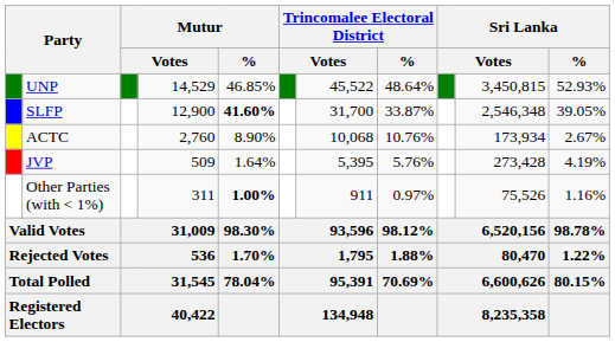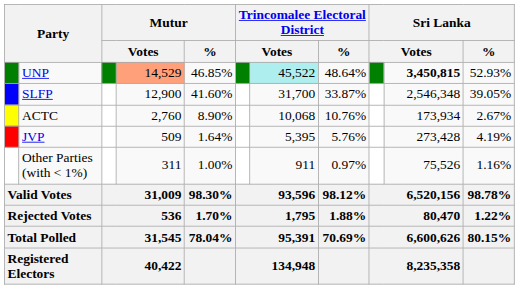 <table class="wikitable">
 <tr>
 <th colspan="2" width="144px"rowspan="2">Party</th>
 <th colspan="3" width="216px">Mutur</th>
 <th colspan="3" width="216px"><a href='#'>Trincomalee Electoral District</a></th>
 <th colspan="3" width="216px">Sri Lanka</th>
 </tr>
 <tr>
 <th colspan="2" width="144px">Votes</th>
 <th>%</th>
 <th colspan="2" width="144px">Votes</th>
 <th>%</th>
 <th colspan="2" width="144px">Votes</th>
 <th>%</th>
 </tr>
 <tr>
 <td style="background-color:green;" width="10px"></td>
 <td style="text-align:left;"><a href='#'>UNP</a></td>
 <td style="background-color:green;" width="10px"></td>
-<td style="text-align:right;">14,529</td>
+<td style="background: lightsalmon; text-align:right;">14,529</td>
 <td style="text-align:right;">46.85%</td>
 <td style="background-color:green;" width="10px"></td>
-<td style="text-align:right;">45,522</td>
+<td style="background: paleturquoise; text-align:right;">45,522</td>
 <td style="text-align:right;">48.64%</td>
 <td style="background-color:green;" width="10px"></td>
-<td style="text-align:right;">3,450,815</td>
+<td style="text-align:right;"><strong>3,450,815</strong></td>
 <td style="text-align:right;">52.93%</td>
 </tr>
 <tr>
 <td style="background-color:blue;" width="10px"></td>
 <td style="text-align:left;"><a href='#'>SLFP</a></td>
 <td style="background-color:white;" width="10px"></td>
 <td style="text-align:right;">12,900</td>
-<td style="text-align:right;"><strong>41.60%</strong></td>
+<td style="text-align:right;">41.60%</td>
 <td style="background-color:white;" width="10px"></td>
 <td style="text-align:right;">31,700</td>
 <td style="text-align:right;">33.87%</td>
 <td style="background-color:white;" width="10px"></td>
 <td style="text-align:right;">2,546,348</td>
 <td style="text-align:right;">39.05%</td>
 </tr>
 <tr>
 <td style="background-color:yellow;" width="10px"></td>
 <td style="text-align:left;">ACTC</td>
 <td style="background-color:white;" width="10px"></td>
 <td style="text-align:right;">2,760</td>
 <td style="text-align:right;">8.90%</td>
 <td style="background-color:white;" width="10px"></td>
 <td style="text-align:right;">10,068</td>
 <td style="text-align:right;">10.76%</td>
 <td style="background-color:white;" width="10px"></td>
 <td style="text-align:right;">173,934</td>
 <td style="text-align:right;">2.67%</td>
 </tr>
 <tr>
 <td style="background-color:red;" width="10px"></td>
 <td style="text-align:left;"><a href='#'>JVP</a></td>
 <td style="background-color:white;" width="10px"></td>
 <td style="text-align:right;">509</td>
 <td style="text-align:right;">1.64%</td>
 <td style="background-color:white;" width="10px"></td>
 <td style="text-align:right;">5,395</td>
 <td style="text-align:right;">5.76%</td>
 <td style="background-color:white;" width="10px"></td>
 <td style="text-align:right;">273,428</td>
 <td style="text-align:right;">4.19%</td>
 </tr>
 <tr>
 <td style="background-color:white;" width="10px"></td>
 <td style="text-align:left;">Other Parties (with < 1%)</td>
 <td style="background-color:white;" width="10px"></td>
 <td style="text-align:right;">311</td>
-<td style="text-align:right;"><strong>1.00%</strong></td>
+<td style="text-align:right;">1.00%</td>
 <td style="background-color:white;" width="10px"></td>
 <td style="text-align:right;">911</td>
 <td style="text-align:right;">0.97%</td>
 <td style="background-color:white;" width="10px"></td>
 <td style="text-align:right;">75,526</td>
 <td style="text-align:right;">1.16%</td>
 </tr>
 <tr>
 <th colspan="2" width="144px"style="text-align:left;">Valid Votes</th>
 <th style="text-align:right;"colspan="2" width="144px">31,009</th>
 <th style="text-align:right;">98.30%</th>
 <th style="text-align:right;"colspan="2" width="144px">93,596</th>
 <th style="text-align:right;">98.12%</th>
 <th style="text-align:right;"colspan="2" width="144px">6,520,156</th>
 <th style="text-align:right;">98.78%</th>
 </tr>
 <tr>
 <th colspan="2" width="144px"style="text-align:left;">Rejected Votes</th>
 <th style="text-align:right;"colspan="2" width="144px">536</th>
 <th style="text-align:right;">1.70%</th>
 <th style="text-align:right;"colspan="2" width="144px">1,795</th>
 <th style="text-align:right;">1.88%</th>
 <th style="text-align:right;"colspan="2" width="144px">80,470</th>
 <th style="text-align:right;">1.22%</th>
 </tr>
 <tr>
 <th colspan="2" width="144px"style="text-align:left;">Total Polled</th>
 <th style="text-align:right;"colspan="2" width="144px">31,545</th>
 <th style="text-align:right;">78.04%</th>
 <th style="text-align:right;"colspan="2" width="144px">95,391</th>
 <th style="text-align:right;">70.69%</th>
 <th style="text-align:right;"colspan="2" width="144px">6,600,626</th>
 <th style="text-align:right;">80.15%</th>
 </tr>
 <tr>
 <th colspan="2" width="144px"style="text-align:left;">Registered Electors</th>
 <th style="text-align:right;"colspan="2" width="144px">40,422</th>
 <th></th>
 <th style="text-align:right;"colspan="2" width="144px">134,948</th>
 <th></th>
 <th style="text-align:right;"colspan="2" width="144px">8,235,358</th>
 <th></th>
 </tr>
 </table>
